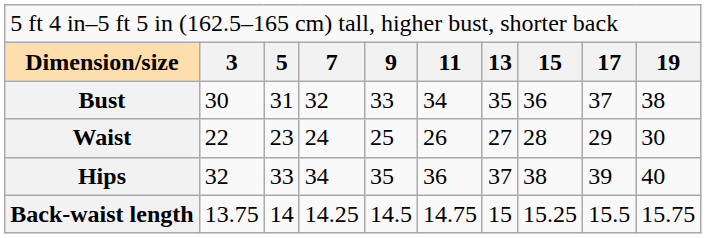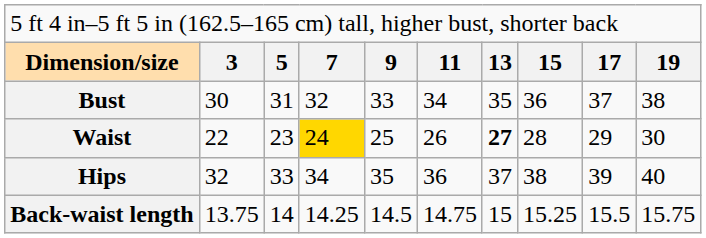 <table class="wikitable">
 <tr>
 <td colspan="13">5 ft 4 in–5 ft 5 in (162.5–165 cm) tall, higher bust, shorter back</td>
 </tr>
 <tr>
 <th style="background:#ffdead;">Dimension/size</th>
 <th>3</th>
 <th>5</th>
 <th>7</th>
 <th>9</th>
 <th>11</th>
 <th>13</th>
 <th>15</th>
 <th>17</th>
 <th>19</th>
 </tr>
 <tr>
 <th>Bust</th>
 <td>30</td>
 <td>31</td>
 <td>32</td>
 <td>33</td>
 <td>34</td>
 <td>35</td>
 <td>36</td>
 <td>37</td>
 <td>38</td>
 </tr>
 <tr>
 <th>Waist</th>
 <td>22</td>
 <td>23</td>
-<td>24</td>
+<td style="background: gold;">24</td>
 <td>25</td>
 <td>26</td>
-<td>27</td>
+<td><strong>27</strong></td>
 <td>28</td>
 <td>29</td>
 <td>30</td>
 </tr>
 <tr>
 <th>Hips</th>
 <td>32</td>
 <td>33</td>
 <td>34</td>
 <td>35</td>
 <td>36</td>
 <td>37</td>
 <td>38</td>
 <td>39</td>
 <td>40</td>
 </tr>
 <tr>
 <th>Back-waist length</th>
 <td>13.75</td>
 <td>14</td>
 <td>14.25</td>
 <td>14.5</td>
 <td>14.75</td>
 <td>15</td>
 <td>15.25</td>
 <td>15.5</td>
 <td>15.75</td>
 </tr>
 </table>
